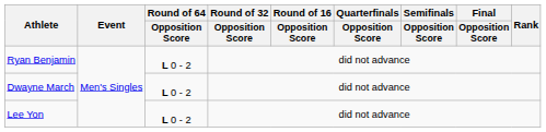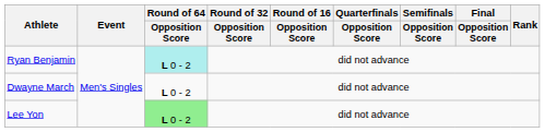 <table class=wikitable style="font-size:90%">
 <tr>
 <th rowspan="2">Athlete</th>
 <th rowspan="2">Event</th>
 <th>Round of 64</th>
 <th>Round of 32</th>
 <th>Round of 16</th>
 <th>Quarterfinals</th>
 <th>Semifinals</th>
 <th>Final</th>
 <th rowspan=2>Rank</th>
 </tr>
 <tr style="font-size:95%">
 <th>Opposition<br>Score</th>
 <th>Opposition<br>Score</th>
 <th>Opposition<br>Score</th>
 <th>Opposition<br>Score</th>
 <th>Opposition<br>Score</th>
 <th>Opposition<br>Score</th>
 </tr>
 <tr align=center>
 <td align=left><a href='#'>Ryan Benjamin</a></td>
 <td align=left rowspan=3><a href='#'>Men's Singles</a></td>
-<td><br><strong>L</strong> 0 - 2</td>
+<td style="background: paleturquoise;"><br><strong>L</strong> 0 - 2</td>
 <td colspan=6>did not advance</td>
 </tr>
 <tr align=center>
 <td align=left><a href='#'>Dwayne March</a></td>
 <td><br><strong>L</strong> 0 - 2</td>
 <td colspan=6>did not advance</td>
 </tr>
 <tr align=center>
 <td align=left><a href='#'>Lee Yon</a></td>
-<td><br><strong>L</strong> 0 - 2</td>
+<td style="background: lightgreen;"><br><strong>L</strong> 0 - 2</td>
 <td colspan=6>did not advance</td>
 </tr>
 </table>
